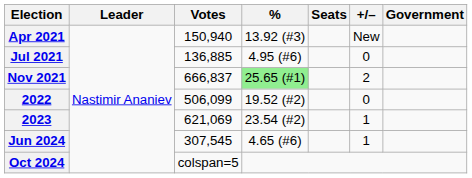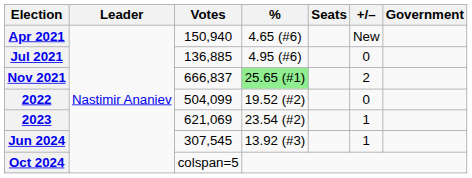 <table class="wikitable" style="text-align: center;">
 <tr>
 <th>Election</th>
 <th>Leader</th>
 <th>Votes</th>
 <th>%</th>
 <th>Seats</th>
 <th>+/–</th>
 <th>Government</th>
 </tr>
 <tr>
 <th><a href='#'>Apr 2021</a></th>
 <td rowspan=7><a href='#'>Nastimir Ananiev</a></td>
 <td>150,940</td>
-<td>13.92 (#3)</td>
+<td>4.65 (#6)</td>
 <td></td>
 <td>New</td>
 <td></td>
 </tr>
 <tr>
 <th><a href='#'>Jul 2021</a></th>
 <td>136,885</td>
 <td>4.95 (#6)</td>
 <td></td>
 <td> 0</td>
 <td></td>
 </tr>
 <tr>
 <th><a href='#'>Nov 2021</a></th>
 <td>666,837</td>
 <td style="background: lightgreen;">25.65 (#1)</td>
 <td></td>
 <td> 2</td>
 <td></td>
 </tr>
 <tr>
 <th><a href='#'>2022</a></th>
-<td>506,099</td>
+<td>504,099</td>
 <td>19.52 (#2)</td>
 <td></td>
 <td> 0</td>
 <td></td>
 </tr>
 <tr>
 <th><a href='#'>2023</a></th>
 <td>621,069</td>
 <td>23.54 (#2)</td>
 <td></td>
 <td> 1</td>
 <td></td>
 </tr>
 <tr>
 <th><a href='#'>Jun 2024</a></th>
 <td>307,545</td>
-<td>4.65 (#6)</td>
+<td>13.92 (#3)</td>
 <td></td>
 <td> 1</td>
 <td></td>
 </tr>
 <tr>
 <th><a href='#'>Oct 2024</a></th>
 <td>colspan=5 </td>
 </tr>
 </table>
